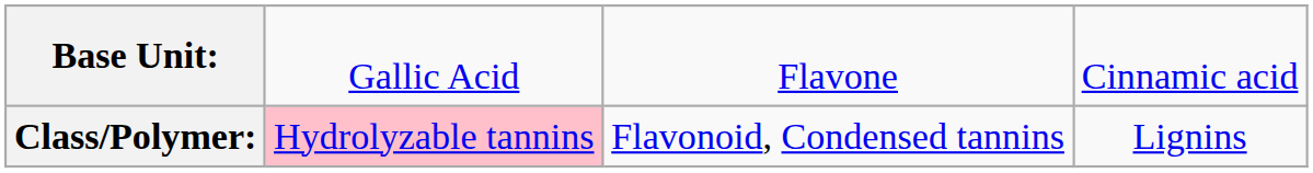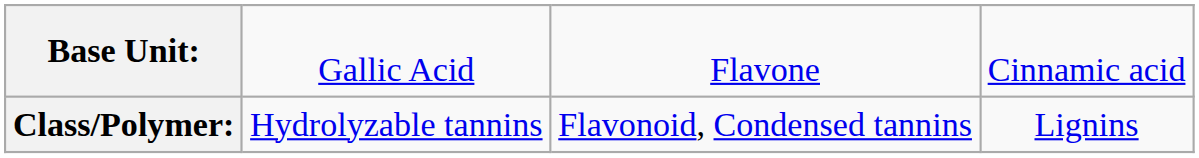 <table class="wikitable" style="text-align:center;">
 <tr>
 <th>Base Unit:</th>
 <td><br><a href='#'>Gallic Acid</a></td>
 <td><br><a href='#'>Flavone</a></td>
 <td><br><a href='#'>Cinnamic acid</a></td>
 </tr>
 <tr>
 <th>Class/Polymer:</th>
-<td style="background: pink;"><a href='#'>Hydrolyzable tannins</a></td>
+<td><a href='#'>Hydrolyzable tannins</a></td>
 <td><a href='#'>Flavonoid</a>, <a href='#'>Condensed tannins</a></td>
 <td><a href='#'>Lignins</a></td>
 </tr>
 </table>
